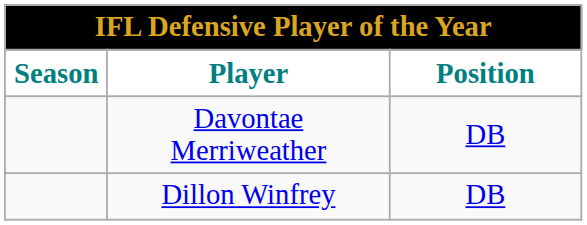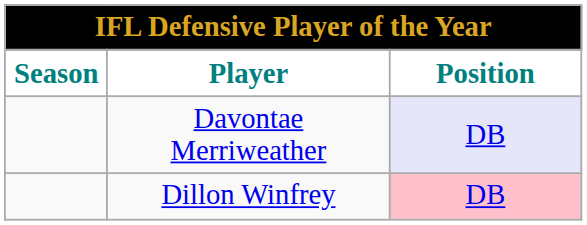 <table class="wikitable sortable" style="text-align:center">
 <tr>
 <td colspan="4" style="background:#000; color:#DAA520;"><strong>IFL Defensive Player of the Year</strong></td>
 </tr>
 <tr>
 <th style="width:50px; background:white; color:teal;">Season</th>
 <th style="width:150px; background:white; color:teal;">Player</th>
 <th style="width:100px; background:white; color:teal;">Position</th>
 </tr>
 <tr>
 <td></td>
 <td><a href='#'>Davontae Merriweather</a></td>
-<td><a href='#'>DB</a></td>
+<td style="background: lavender;"><a href='#'>DB</a></td>
 </tr>
 <tr>
 <td></td>
 <td><a href='#'>Dillon Winfrey</a></td>
-<td><a href='#'>DB</a></td>
+<td style="background: pink;"><a href='#'>DB</a></td>
 </tr>
 </table>
